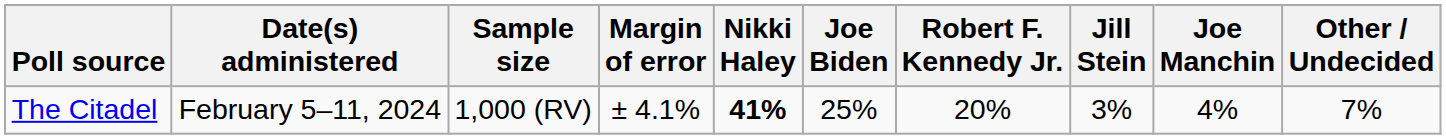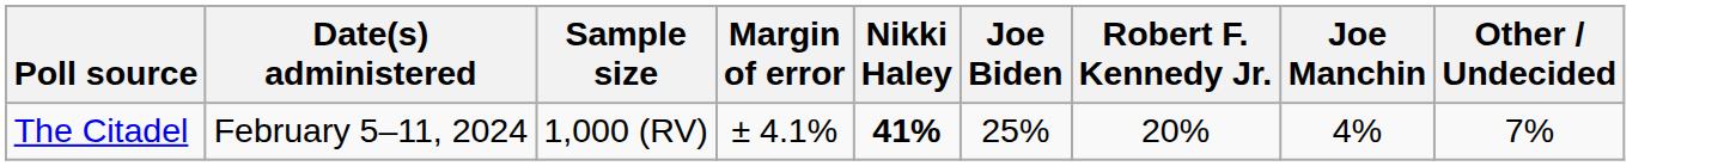 <table class="wikitable sortable mw-datatable" style="font-size:90%;text-align:center;line-height:17px">
 <tr valign=bottom>
 <th>Poll source</th>
 <th>Date(s)<br>administered</th>
 <th>Sample<br>size</th>
 <th>Margin<br>of error</th>
 <th class="unsortable">Nikki<br>Haley<br></th>
 <th class="unsortable">Joe<br>Biden<br></th>
 <th class="unsortable">Robert F.<br>Kennedy Jr.<br></th>
-<th class="unsortable">Jill<br>Stein<br></th>
 <th class="unsortable">Joe<br>Manchin<br></th>
 <th class="unsortable">Other /<br>Undecided</th>
 </tr>
 <tr>
 <td style="text-align:left;"><a href='#'>The Citadel</a></td>
 <td data-sort-value="2024-02-15">February 5–11, 2024</td>
 <td>1,000 (RV)</td>
 <td>± 4.1%</td>
 <td style="background-color:"><strong>41%</strong></td>
 <td>25%</td>
 <td>20%</td>
-<td>3%</td>
 <td>4%</td>
 <td>7%</td>
 </tr>
 </table>
